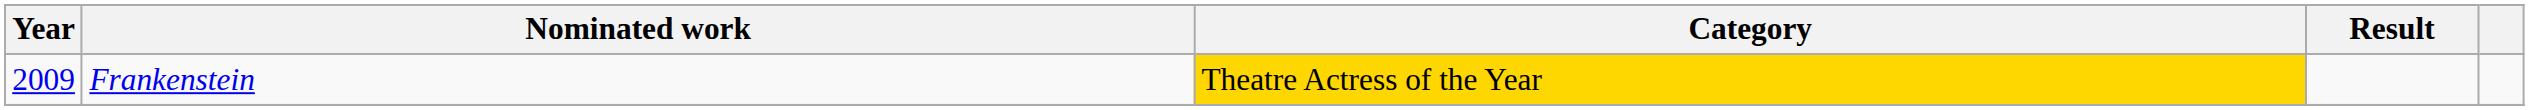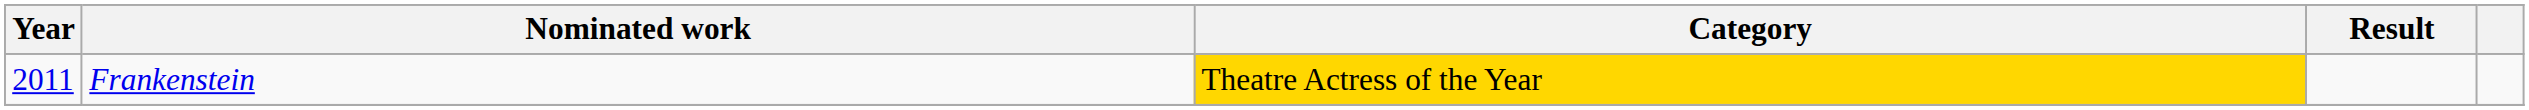 <table class="wikitable">
 <tr>
 <th scope="col" style="width:1em;">Year</th>
 <th scope="col" style="width:35em;">Nominated work</th>
 <th scope="col" style="width:35em;">Category</th>
 <th scope="col" style="width:5em;">Result</th>
 <th scope="col" style="width:1em;"></th>
 </tr>
 <tr>
-<td><a href='#'>2009</a></td>
+<td><a href='#'>2011</a></td>
 <td><em><a href='#'>Frankenstein</a></em></td>
 <td style="background: gold;">Theatre Actress of the Year</td>
 <td></td>
 <td></td>
 </tr>
 <tr>
 </tr>
 </table>
